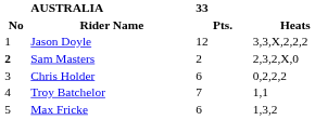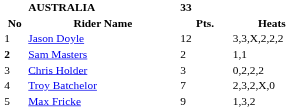 <table class="toccolours">
 <tr>
 <td></td>
 <td><strong>AUSTRALIA</strong></td>
 <td><strong>33</strong></td>
 </tr>
 <tr style="background: ">
 <th width=30px>No</th>
 <th width=210px>Rider Name</th>
 <th width=70px>Pts.</th>
 <th width=110px>Heats</th>
 </tr>
 <tr style="background-color:">
 <td>1</td>
 <td><a href='#'>Jason Doyle</a></td>
 <td>12</td>
 <td>3,3,X,2,2,2</td>
 </tr>
 <tr style="background-color:">
 <td><strong>2</strong></td>
 <td><a href='#'>Sam Masters</a></td>
 <td>2</td>
-<td>2,3,2,X,0</td>
+<td>1,1</td>
 </tr>
 <tr style="background-color:">
 <td>3</td>
 <td><a href='#'>Chris Holder</a></td>
-<td>6</td>
+<td>3</td>
 <td>0,2,2,2</td>
 </tr>
 <tr style="background-color:">
 <td>4</td>
 <td><a href='#'>Troy Batchelor</a></td>
 <td>7</td>
-<td>1,1</td>
+<td>2,3,2,X,0</td>
 </tr>
 <tr style="background-color:">
 <td>5</td>
 <td><a href='#'>Max Fricke</a></td>
-<td>6</td>
+<td>9</td>
 <td>1,3,2</td>
 </tr>
 </table>
